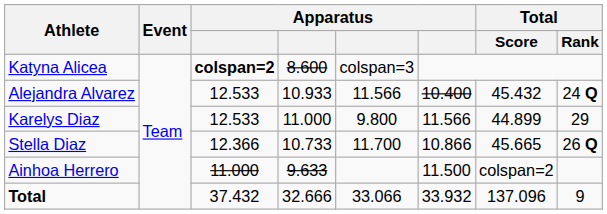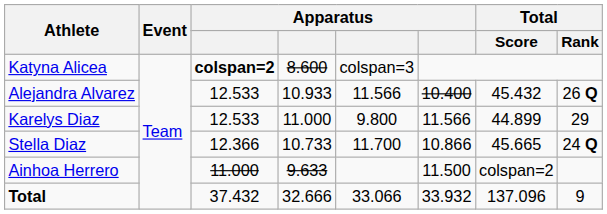 <table class=wikitable style=font-size:90%;text-align:center>
 <tr>
 <th rowspan=2>Athlete</th>
 <th rowspan=2>Event</th>
 <th colspan=4>Apparatus</th>
 <th colspan=2>Total</th>
 </tr>
 <tr style=font-size:95%>
 <th></th>
 <th></th>
 <th></th>
 <th></th>
 <th>Score</th>
 <th>Rank</th>
 </tr>
 <tr>
 <td align=left><a href='#'>Katyna Alicea</a></td>
 <td align=left rowspan=6><a href='#'>Team</a></td>
 <td><strong>colspan=2 </strong></td>
 <td><s>8.600</s></td>
 <td>colspan=3 </td>
 </tr>
 <tr>
 <td align=left><a href='#'>Alejandra Alvarez</a></td>
 <td>12.533</td>
 <td>10.933</td>
 <td>11.566</td>
 <td><s>10.400</s></td>
 <td>45.432</td>
-<td>24 <strong>Q</strong></td>
+<td>26 <strong>Q</strong></td>
 </tr>
 <tr>
 <td align=left><a href='#'>Karelys Diaz</a></td>
 <td>12.533</td>
 <td>11.000</td>
 <td>9.800</td>
 <td>11.566</td>
 <td>44.899</td>
 <td>29</td>
 </tr>
 <tr>
 <td align=left><a href='#'>Stella Diaz</a></td>
 <td>12.366</td>
 <td>10.733</td>
 <td>11.700</td>
 <td>10.866</td>
 <td>45.665</td>
-<td>26 <strong>Q</strong></td>
+<td>24 <strong>Q</strong></td>
 </tr>
 <tr>
 <td align=left><a href='#'>Ainhoa Herrero</a></td>
 <td><s>11.000</s></td>
 <td><s>9.633</s></td>
 <td></td>
 <td>11.500</td>
 <td>colspan=2 </td>
 </tr>
 <tr>
 <td align=left><strong>Total</strong></td>
 <td>37.432</td>
 <td>32.666</td>
 <td>33.066</td>
 <td>33.932</td>
 <td>137.096</td>
 <td>9</td>
 </tr>
 </table>
